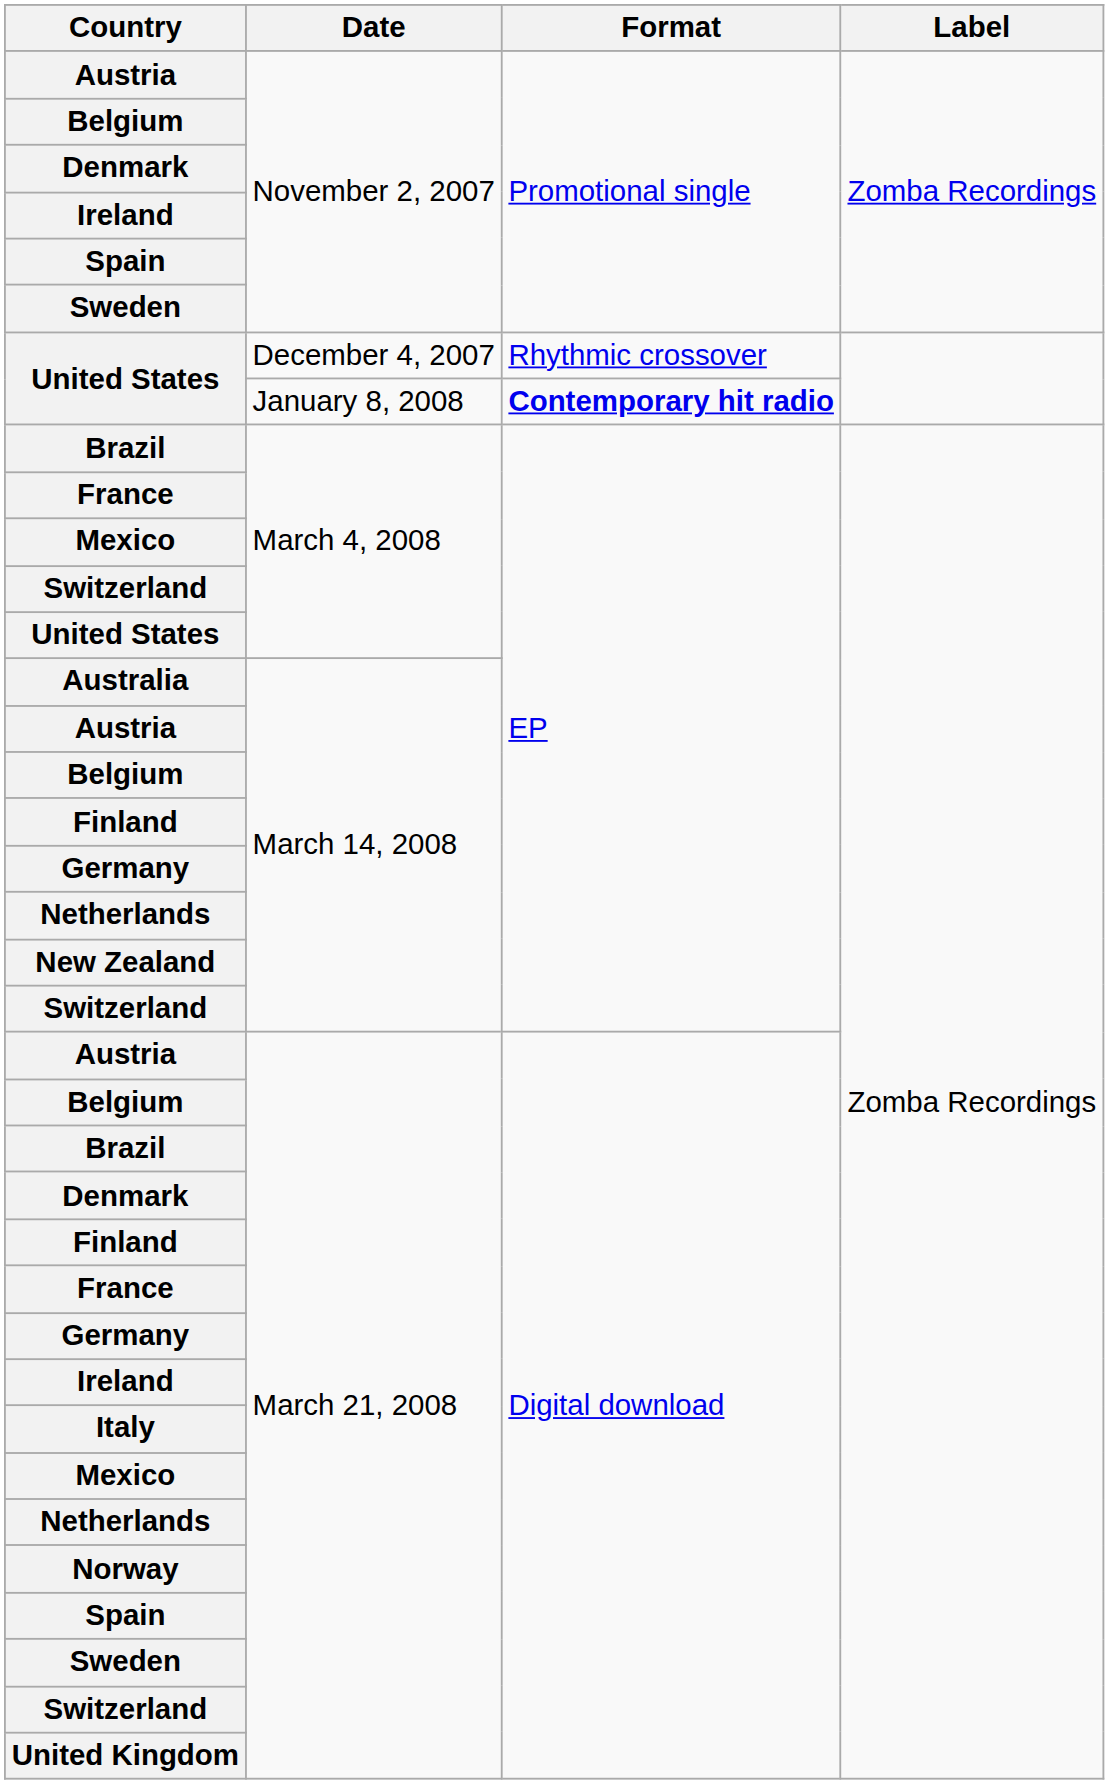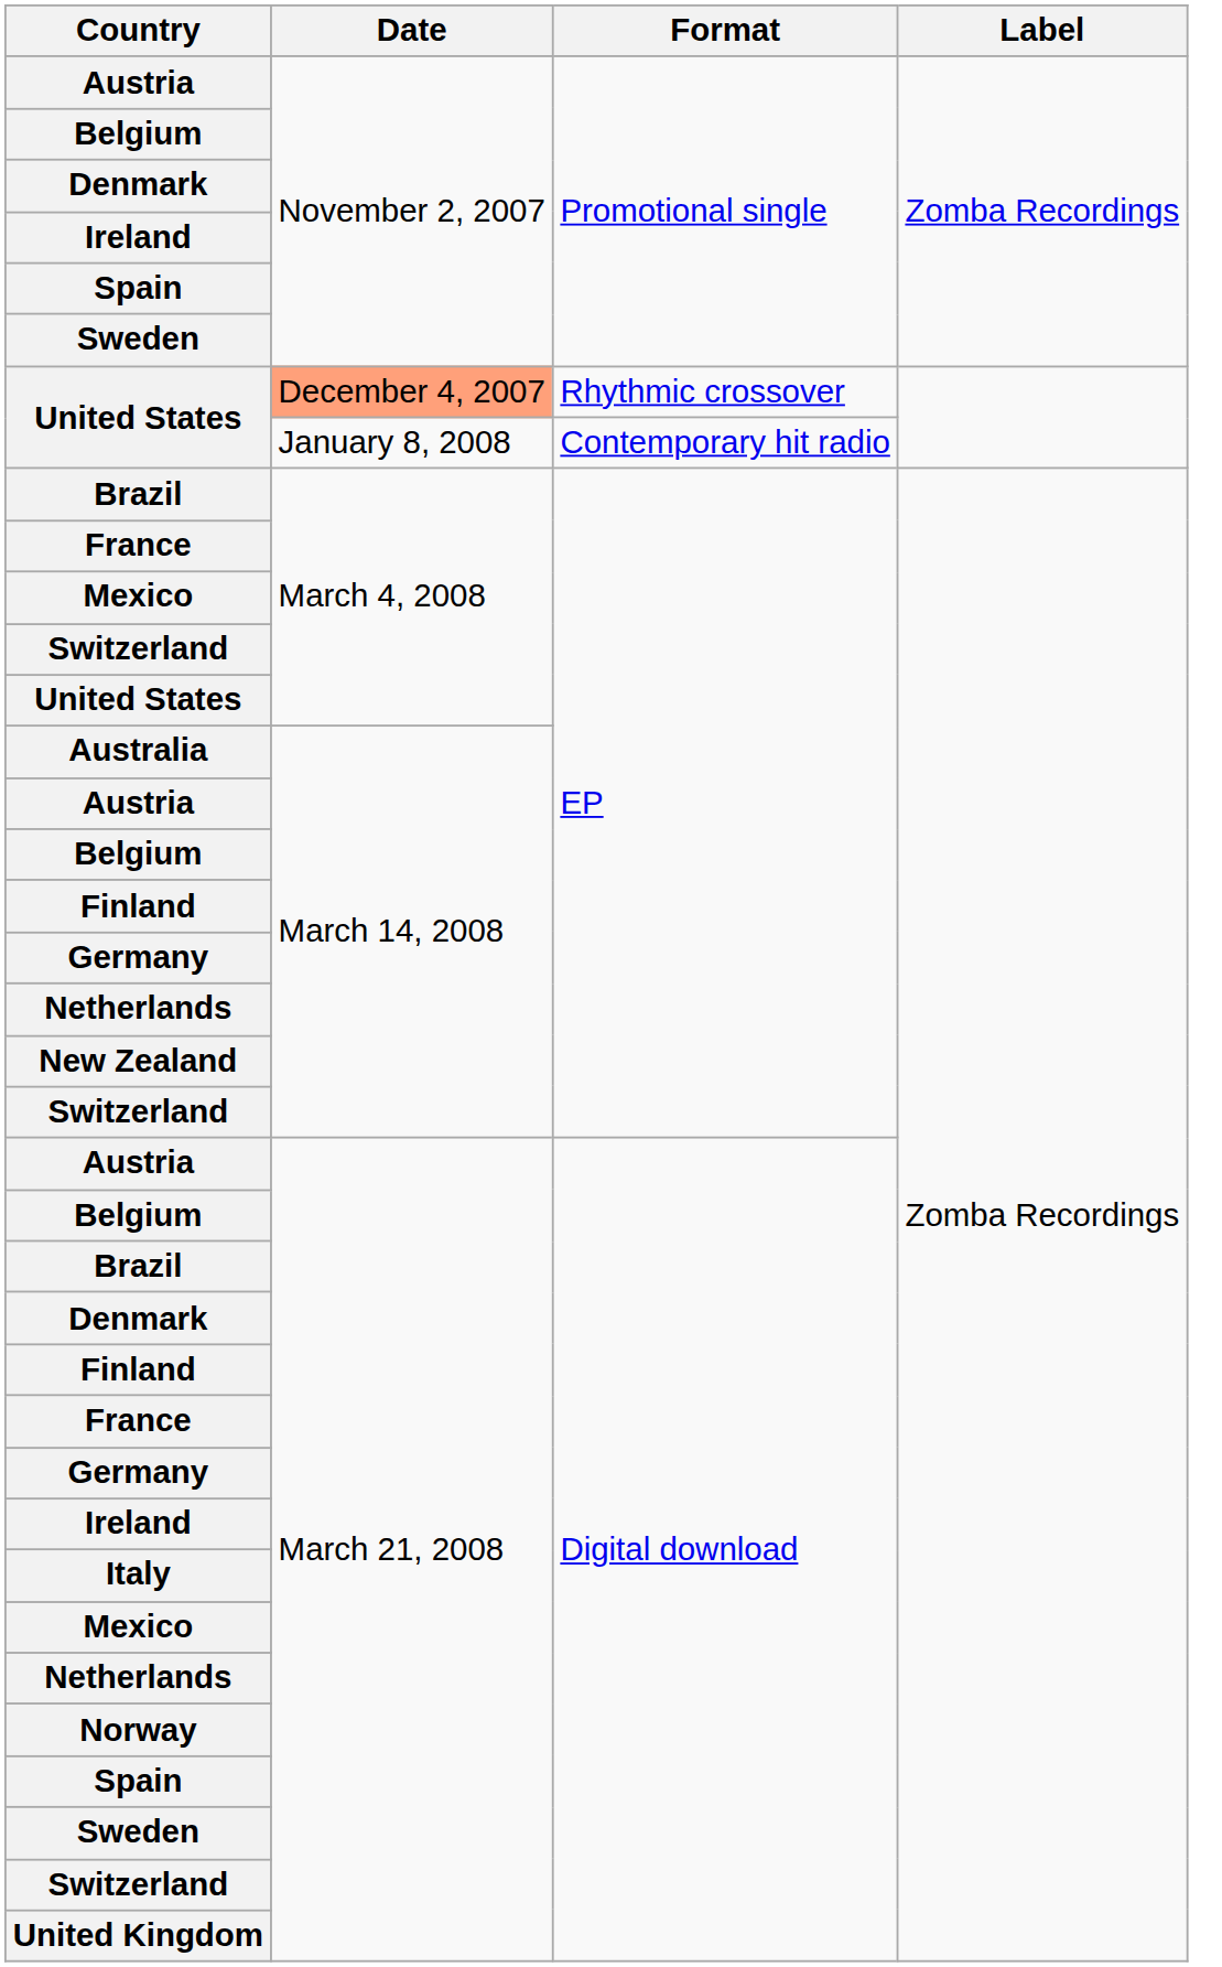 <table class="wikitable plainrowheaders">
 <tr>
 <th scope="col">Country</th>
 <th scope="col">Date</th>
 <th scope="col">Format</th>
 <th scope="col">Label</th>
 </tr>
 <tr>
 <th scope="row">Austria</th>
 <td rowspan="6">November 2, 2007</td>
 <td rowspan="6"><a href='#'>Promotional single</a></td>
 <td rowspan="6"><a href='#'>Zomba Recordings</a></td>
 </tr>
 <tr>
 <th scope="row">Belgium</th>
 </tr>
 <tr>
 <th scope="row">Denmark</th>
 </tr>
 <tr>
 <th scope="row">Ireland</th>
 </tr>
 <tr>
 <th scope="row">Spain</th>
 </tr>
 <tr>
 <th scope="row">Sweden</th>
 </tr>
 <tr>
 <th scope="row" rowspan="2">United States</th>
-<td>December 4, 2007</td>
+<td style="background: lightsalmon;">December 4, 2007</td>
 <td><a href='#'>Rhythmic crossover</a></td>
 <td rowspan="2"></td>
 </tr>
 <tr>
 <td>January 8, 2008</td>
-<td><strong><a href='#'>Contemporary hit radio</a></strong></td>
+<td><a href='#'>Contemporary hit radio</a></td>
 </tr>
 <tr>
 <th scope="row">Brazil</th>
 <td rowspan="5">March 4, 2008</td>
 <td rowspan="13"><a href='#'>EP</a></td>
 <td rowspan="29">Zomba Recordings</td>
 </tr>
 <tr>
 <th scope="row">France</th>
 </tr>
 <tr>
 <th scope="row">Mexico</th>
 </tr>
 <tr>
 <th scope="row">Switzerland</th>
 </tr>
 <tr>
 <th scope="row">United States</th>
 </tr>
 <tr>
 <th scope="row">Australia</th>
 <td rowspan="8">March 14, 2008</td>
 </tr>
 <tr>
 <th scope="row">Austria</th>
 </tr>
 <tr>
 <th scope="row">Belgium</th>
 </tr>
 <tr>
 <th scope="row">Finland</th>
 </tr>
 <tr>
 <th scope="row">Germany</th>
 </tr>
 <tr>
 <th scope="row">Netherlands</th>
 </tr>
 <tr>
 <th scope="row">New Zealand</th>
 </tr>
 <tr>
 <th scope="row">Switzerland</th>
 </tr>
 <tr>
 <th scope="row">Austria</th>
 <td rowspan="16">March 21, 2008</td>
 <td rowspan="16"><a href='#'>Digital download</a></td>
 </tr>
 <tr>
 <th scope="row">Belgium</th>
 </tr>
 <tr>
 <th scope="row">Brazil</th>
 </tr>
 <tr>
 <th scope="row">Denmark</th>
 </tr>
 <tr>
 <th scope="row">Finland</th>
 </tr>
 <tr>
 <th scope="row">France</th>
 </tr>
 <tr>
 <th scope="row">Germany</th>
 </tr>
 <tr>
 <th scope="row">Ireland</th>
 </tr>
 <tr>
 <th scope="row">Italy</th>
 </tr>
 <tr>
 <th scope="row">Mexico</th>
 </tr>
 <tr>
 <th scope="row">Netherlands</th>
 </tr>
 <tr>
 <th scope="row">Norway</th>
 </tr>
 <tr>
 <th scope="row">Spain</th>
 </tr>
 <tr>
 <th scope="row">Sweden</th>
 </tr>
 <tr>
 <th scope="row">Switzerland</th>
 </tr>
 <tr>
 <th scope="row">United Kingdom</th>
 </tr>
 </table>
